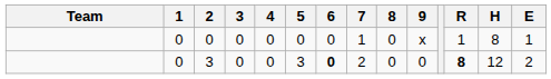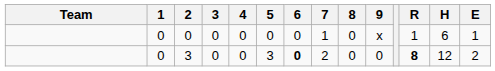 <table border=1 cellspacing=0 width=600 style="margin-left:3em;" class="wikitable">
 <tr style="text-align:center; background-color:#e6e6e6;">
 <th align=left width=28%>Team</th>
 <th width=5.4%>1</th>
 <th width=5.4%>2</th>
 <th width=5.4%>3</th>
 <th width=5.4%>4</th>
 <th width=5.4%>5</th>
 <th width=5.4%>6</th>
 <th width=5.4%>7</th>
 <th width=5.4%>8</th>
 <th width=5.4%>9</th>
 <th rowspan="3" width=0.5%></th>
 <th width=6%>R</th>
 <th width=6%>H</th>
 <th width=6%>E</th>
 </tr>
 <tr style="text-align:center;">
 <td align=left></td>
 <td>0</td>
 <td>0</td>
 <td>0</td>
 <td>0</td>
 <td>0</td>
 <td>0</td>
 <td>1</td>
 <td>0</td>
 <td>x</td>
 <td>1</td>
-<td>8</td>
+<td>6</td>
 <td>1</td>
 </tr>
 <tr style="text-align:center;">
 <td align=left></td>
 <td>0</td>
 <td>3</td>
 <td>0</td>
 <td>0</td>
 <td>3</td>
 <td><strong>0</strong></td>
 <td>2</td>
 <td>0</td>
 <td>0</td>
 <td><strong>8</strong></td>
 <td>12</td>
 <td>2</td>
 </tr>
 </table>
